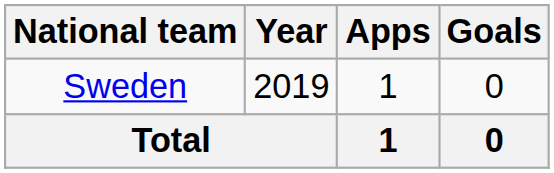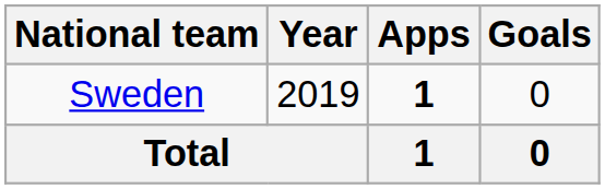 <table class="wikitable" style="text-align:center">
 <tr>
 <th>National team</th>
 <th>Year</th>
 <th>Apps</th>
 <th>Goals</th>
 </tr>
 <tr>
 <td><a href='#'>Sweden</a></td>
 <td>2019</td>
-<td>1</td>
+<td><strong>1</strong></td>
 <td>0</td>
 </tr>
 <tr>
 <th colspan="2">Total</th>
 <th>1</th>
 <th>0</th>
 </tr>
 </table>
